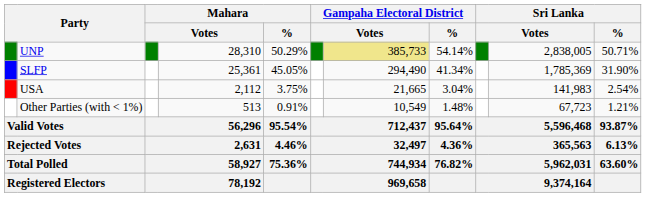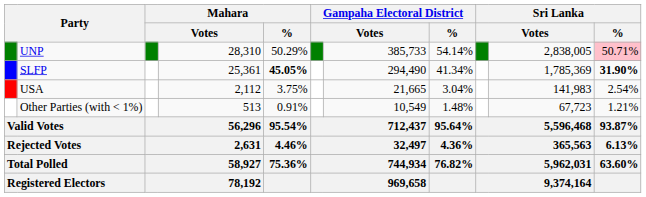 <table class="wikitable">
 <tr>
 <th colspan="2" width="144px"rowspan="2">Party</th>
 <th colspan="3" width="216px">Mahara</th>
 <th colspan="3" width="216px"><a href='#'>Gampaha Electoral District</a></th>
 <th colspan="3" width="216px">Sri Lanka</th>
 </tr>
 <tr>
 <th colspan="2" width="144px">Votes</th>
 <th>%</th>
 <th colspan="2" width="144px">Votes</th>
 <th>%</th>
 <th colspan="2" width="144px">Votes</th>
 <th>%</th>
 </tr>
 <tr>
 <td style="background-color:green;" width="10px"></td>
 <td style="text-align:left;"><a href='#'>UNP</a></td>
 <td style="background-color:green;" width="10px"></td>
 <td style="text-align:right;">28,310</td>
 <td style="text-align:right;">50.29%</td>
 <td style="background-color:green;" width="10px"></td>
-<td style="background: khaki; text-align:right;">385,733</td>
+<td style="text-align:right;">385,733</td>
 <td style="text-align:right;">54.14%</td>
 <td style="background-color:green;" width="10px"></td>
 <td style="text-align:right;">2,838,005</td>
-<td style="text-align:right;">50.71%</td>
+<td style="background: pink; text-align:right;">50.71%</td>
 </tr>
 <tr>
 <td style="background-color:blue;" width="10px"></td>
 <td style="text-align:left;"><a href='#'>SLFP</a></td>
 <td style="background-color:white;" width="10px"></td>
 <td style="text-align:right;">25,361</td>
-<td style="text-align:right;">45.05%</td>
+<td style="text-align:right;"><strong>45.05%</strong></td>
 <td style="background-color:white;" width="10px"></td>
 <td style="text-align:right;">294,490</td>
 <td style="text-align:right;">41.34%</td>
 <td style="background-color:white;" width="10px"></td>
 <td style="text-align:right;">1,785,369</td>
-<td style="text-align:right;">31.90%</td>
+<td style="text-align:right;"><strong>31.90%</strong></td>
 </tr>
 <tr>
 <td style="background-color:red;" width="10px"></td>
 <td style="text-align:left;">USA</td>
 <td style="background-color:white;" width="10px"></td>
 <td style="text-align:right;">2,112</td>
 <td style="text-align:right;">3.75%</td>
 <td style="background-color:white;" width="10px"></td>
 <td style="text-align:right;">21,665</td>
 <td style="text-align:right;">3.04%</td>
 <td style="background-color:white;" width="10px"></td>
 <td style="text-align:right;">141,983</td>
 <td style="text-align:right;">2.54%</td>
 </tr>
 <tr>
 <td style="background-color:white;" width="10px"></td>
 <td style="text-align:left;">Other Parties (with < 1%)</td>
 <td style="background-color:white;" width="10px"></td>
 <td style="text-align:right;">513</td>
 <td style="text-align:right;">0.91%</td>
 <td style="background-color:white;" width="10px"></td>
 <td style="text-align:right;">10,549</td>
 <td style="text-align:right;">1.48%</td>
 <td style="background-color:white;" width="10px"></td>
 <td style="text-align:right;">67,723</td>
 <td style="text-align:right;">1.21%</td>
 </tr>
 <tr>
 <th colspan="2" width="144px"style="text-align:left;">Valid Votes</th>
 <th style="text-align:right;"colspan="2" width="144px">56,296</th>
 <th style="text-align:right;">95.54%</th>
 <th style="text-align:right;"colspan="2" width="144px">712,437</th>
 <th style="text-align:right;">95.64%</th>
 <th style="text-align:right;"colspan="2" width="144px">5,596,468</th>
 <th style="text-align:right;">93.87%</th>
 </tr>
 <tr>
 <th colspan="2" width="144px"style="text-align:left;">Rejected Votes</th>
 <th style="text-align:right;"colspan="2" width="144px">2,631</th>
 <th style="text-align:right;">4.46%</th>
 <th style="text-align:right;"colspan="2" width="144px">32,497</th>
 <th style="text-align:right;">4.36%</th>
 <th style="text-align:right;"colspan="2" width="144px">365,563</th>
 <th style="text-align:right;">6.13%</th>
 </tr>
 <tr>
 <th colspan="2" width="144px"style="text-align:left;">Total Polled</th>
 <th style="text-align:right;"colspan="2" width="144px">58,927</th>
 <th style="text-align:right;">75.36%</th>
 <th style="text-align:right;"colspan="2" width="144px">744,934</th>
 <th style="text-align:right;">76.82%</th>
 <th style="text-align:right;"colspan="2" width="144px">5,962,031</th>
 <th style="text-align:right;">63.60%</th>
 </tr>
 <tr>
 <th colspan="2" width="144px"style="text-align:left;">Registered Electors</th>
 <th style="text-align:right;"colspan="2" width="144px">78,192</th>
 <th></th>
 <th style="text-align:right;"colspan="2" width="144px">969,658</th>
 <th></th>
 <th style="text-align:right;"colspan="2" width="144px">9,374,164</th>
 <th></th>
 </tr>
 </table>
